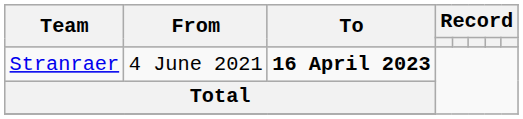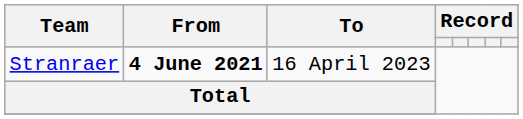 <table class=wikitable style="text-align: center">
 <tr>
 <th rowspan=2>Team</th>
 <th rowspan=2>From</th>
 <th rowspan=2>To</th>
 <th colspan=5>Record</th>
 </tr>
 <tr>
 <th></th>
 <th></th>
 <th></th>
 <th></th>
 <th></th>
 </tr>
 <tr>
 <td align=left><a href='#'>Stranraer</a></td>
-<td align=left>4 June 2021</td>
-<td align=left><strong>16 April 2023<br></strong></td>
+<td align=left><strong>4 June 2021</strong></td>
+<td align=left>16 April 2023<br></td>
 </tr>
 <tr>
 <th colspan="3">Total<br></th>
 </tr>
 <tr>
 </tr>
 </table>
